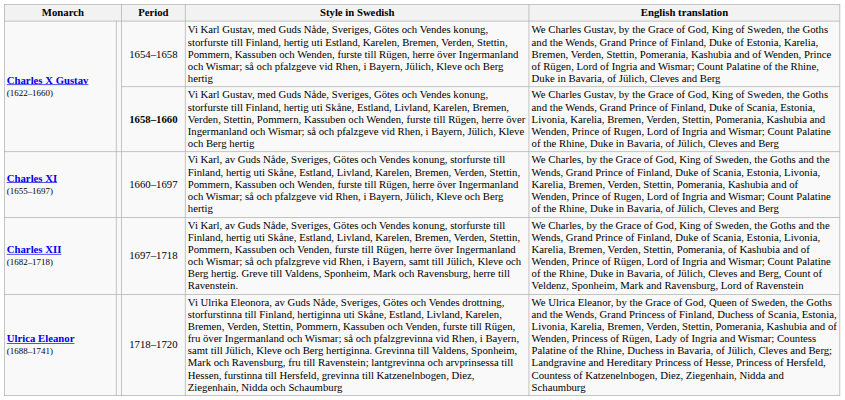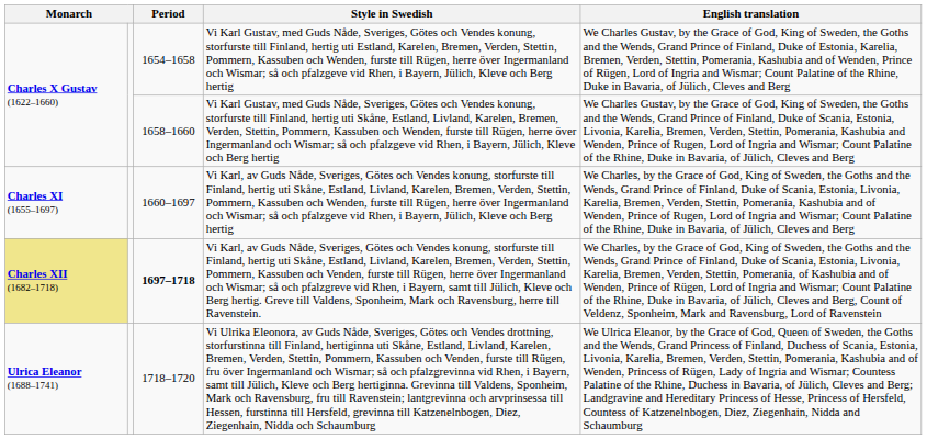 <table class="wikitable">
 <tr>
 <th colspan="2">Monarch</th>
 <th style="width:5.5em;text-align:center;">Period</th>
 <th>Style in Swedish</th>
 <th>English translation</th>
 </tr>
 <tr>
 <td rowspan="2" style="width:10em;"><strong><a href='#'>Charles X Gustav</a></strong><br><small>(1622–1660)</small></td>
 <td rowspan="2"></td>
 <td style="text-align:center;">1654–1658</td>
 <td>Vi Karl Gustav, med Guds Nåde, Sveriges, Götes och Vendes konung, storfurste till Finland, hertig uti Estland, Karelen, Bremen, Verden, Stettin, Pommern, Kassuben och Wenden, furste till Rügen, herre över Ingermanland och Wismar; så och pfalzgeve vid Rhen, i Bayern, Jülich, Kleve och Berg hertig</td>
 <td>We Charles Gustav, by the Grace of God, King of Sweden, the Goths and the Wends, Grand Prince of Finland, Duke of Estonia, Karelia, Bremen, Verden, Stettin, Pomerania, Kashubia and of Wenden, Prince of Rügen, Lord of Ingria and Wismar; Count Palatine of the Rhine, Duke in Bavaria, of Jülich, Cleves and Berg</td>
 </tr>
 <tr>
-<td style="text-align:center;"><strong>1658–1660</strong></td>
+<td style="text-align:center;">1658–1660</td>
 <td>Vi Karl Gustav, med Guds Nåde, Sveriges, Götes och Vendes konung, storfurste till Finland, hertig uti Skåne, Estland, Livland, Karelen, Bremen, Verden, Stettin, Pommern, Kassuben och Wenden, furste till Rügen, herre över Ingermanland och Wismar; så och pfalzgeve vid Rhen, i Bayern, Jülich, Kleve och Berg hertig</td>
 <td>We Charles Gustav, by the Grace of God, King of Sweden, the Goths and the Wends, Grand Prince of Finland, Duke of Scania, Estonia, Livonia, Karelia, Bremen, Verden, Stettin, Pomerania, Kashubia and Wenden, Prince of Rugen, Lord of Ingria and Wismar; Count Palatine of the Rhine, Duke in Bavaria, of Jülich, Cleves and Berg</td>
 </tr>
 <tr>
 <td><strong><a href='#'>Charles XI</a></strong><br><small>(1655–1697)</small></td>
 <td></td>
 <td style="text-align:center;">1660–1697</td>
 <td>Vi Karl, av Guds Nåde, Sveriges, Götes och Vendes konung, storfurste till Finland, hertig uti Skåne, Estland, Livland, Karelen, Bremen, Verden, Stettin, Pommern, Kassuben och Wenden, furste till Rügen, herre över Ingermanland och Wismar; så och pfalzgeve vid Rhen, i Bayern, Jülich, Kleve och Berg hertig</td>
 <td>We Charles, by the Grace of God, King of Sweden, the Goths and the Wends, Grand Prince of Finland, Duke of Scania, Estonia, Livonia, Karelia, Bremen, Verden, Stettin, Pomerania, Kashubia and of Wenden, Prince of Rugen, Lord of Ingria and Wismar; Count Palatine of the Rhine, Duke in Bavaria, of Jülich, Cleves and Berg</td>
 </tr>
 <tr>
-<td><strong><a href='#'>Charles XII</a></strong><br><small>(1682–1718)</small></td>
+<td style="background: khaki;"><strong><a href='#'>Charles XII</a></strong><br><small>(1682–1718)</small></td>
 <td></td>
-<td style="text-align:center;">1697–1718</td>
+<td style="text-align:center;"><strong>1697–1718</strong></td>
 <td>Vi Karl, av Guds Nåde, Sveriges, Götes och Vendes konung, storfurste till Finland, hertig uti Skåne, Estland, Livland, Karelen, Bremen, Verden, Stettin, Pommern, Kassuben och Venden, furste till Rügen, herre över Ingermanland och Wismar; så och pfalzgreve vid Rhen, i Bayern, samt till Jülich, Kleve och Berg hertig. Greve till Valdens, Sponheim, Mark och Ravensburg, herre till Ravenstein.</td>
 <td>We Charles, by the Grace of God, King of Sweden, the Goths and the Wends, Grand Prince of Finland, Duke of Scania, Estonia, Livonia, Karelia, Bremen, Verden, Stettin, Pomerania, of Kashubia and of Wenden, Prince of Rügen, Lord of Ingria and Wismar; Count Palatine of the Rhine, Duke in Bavaria, of Jülich, Cleves and Berg, Count of Veldenz, Sponheim, Mark and Ravensburg, Lord of Ravenstein</td>
 </tr>
 <tr>
 <td><strong><a href='#'>Ulrica Eleanor</a></strong><br><small>(1688–1741)</small></td>
 <td></td>
 <td style="text-align:center;">1718–1720</td>
 <td>Vi Ulrika Eleonora, av Guds Nåde, Sveriges, Götes och Vendes drottning, storfurstinna till Finland, hertiginna uti Skåne, Estland, Livland, Karelen, Bremen, Verden, Stettin, Pommern, Kassuben och Venden, furste till Rügen, fru över Ingermanland och Wismar; så och pfalzgrevinna vid Rhen, i Bayern, samt till Jülich, Kleve och Berg hertiginna. Grevinna till Valdens, Sponheim, Mark och Ravensburg, fru till Ravenstein; lantgrevinna och arvprinsessa till Hessen, furstinna till Hersfeld, grevinna till Katzenelnbogen, Diez, Ziegenhain, Nidda och Schaumburg</td>
 <td>We Ulrica Eleanor, by the Grace of God, Queen of Sweden, the Goths and the Wends, Grand Princess of Finland, Duchess of Scania, Estonia, Livonia, Karelia, Bremen, Verden, Stettin, Pomerania, Kashubia and of Wenden, Princess of Rügen, Lady of Ingria and Wismar; Countess Palatine of the Rhine, Duchess in Bavaria, of Jülich, Cleves and Berg; Landgravine and Hereditary Princess of Hesse, Princess of Hersfeld, Countess of Katzenelnbogen, Diez, Ziegenhain, Nidda and Schaumburg</td>
 </tr>
 </table>
